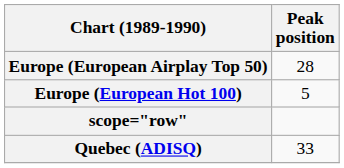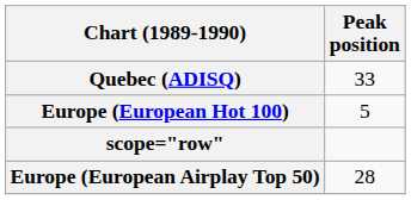 <table class="wikitable sortable plainrowheaders">
 <tr>
 <th>Chart (1989-1990)</th>
 <th>Peak<br>position</th>
 </tr>
 <tr>
-<th scope="row">Europe (European Airplay Top 50)</th>
-<td align="center">28</td>
+<th scope="row">Quebec (<a href='#'>ADISQ</a>)</th>
+<td align="center">33</td>
 </tr>
 <tr>
 <th scope="row">Europe (<a href='#'>European Hot 100</a>)</th>
 <td align="center">5</td>
 </tr>
 <tr>
 <th>scope="row"</th>
 </tr>
 <tr>
-<th scope="row">Quebec (<a href='#'>ADISQ</a>)</th>
-<td align="center">33</td>
+<th scope="row">Europe (European Airplay Top 50)</th>
+<td align="center">28</td>
 </tr>
 <tr>
 </tr>
 </table>
